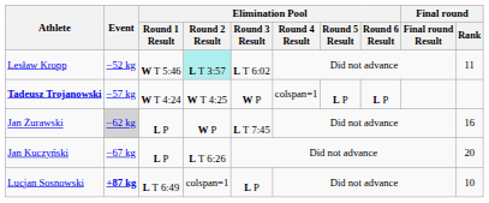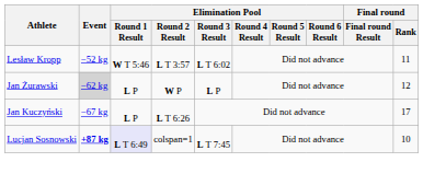 <table class="wikitable" style="font-size:90%">
 <tr>
 <th rowspan="2">Athlete</th>
 <th rowspan="2">Event</th>
 <th colspan=6>Elimination Pool</th>
 <th colspan=2>Final round</th>
 </tr>
 <tr style="font-size: 95%">
 <th>Round 1<br>Result</th>
 <th>Round 2<br>Result</th>
 <th>Round 3<br>Result</th>
 <th>Round 4<br>Result</th>
 <th>Round 5<br>Result</th>
 <th>Round 6<br>Result</th>
 <th>Final round<br>Result</th>
 <th>Rank</th>
 </tr>
 <tr align=center>
 <td align=left><a href='#'>Lesław Kropp</a></td>
 <td align=left><a href='#'>−52 kg</a></td>
 <td><br><strong>W</strong> T 5:46</td>
-<td style="background: paleturquoise;"><br><strong>L</strong> T 3:57</td>
+<td><br><strong>L</strong> T 3:57</td>
 <td><br><strong>L</strong> T 6:02</td>
 <td colspan=4>Did not advance</td>
 <td>11</td>
-</tr>
-<tr align=center>
-<td align=left><strong><a href='#'>Tadeusz Trojanowski</a></strong></td>
-<td align=left><a href='#'>−57 kg</a></td>
-<td><br><strong>W</strong> T 4:24</td>
-<td><br><strong>W</strong> T 4:25</td>
-<td><br><strong>W</strong> P</td>
-<td>colspan=1 </td>
-<td><br><strong>L</strong> P</td>
-<td><br><strong>L</strong> P</td>
-<td></td>
-<td></td>
 </tr>
 <tr align=center>
 <td align=left><a href='#'>Jan Żurawski</a></td>
 <td align=left style="background: lightgrey;"><a href='#'>−62 kg</a></td>
 <td><br><strong>L</strong> P</td>
 <td><br><strong>W</strong> P</td>
-<td><br><strong>L</strong> T 7:45</td>
+<td><br><strong>L</strong> P</td>
 <td colspan=4>Did not advance</td>
-<td>16</td>
+<td>12</td>
 </tr>
 <tr align=center>
 <td align=left><a href='#'>Jan Kuczyński</a></td>
 <td align=left><a href='#'>−67 kg</a></td>
 <td><br><strong>L</strong> P</td>
 <td><br><strong>L</strong> T 6:26</td>
 <td colspan=5>Did not advance</td>
-<td>20</td>
+<td>17</td>
 </tr>
 <tr align=center>
 <td align=left><a href='#'>Lucjan Sosnowski</a></td>
 <td align=left><strong><a href='#'>+87 kg</a></strong></td>
-<td><br><strong>L</strong> T 6:49</td>
+<td style="background: lavender;"><br><strong>L</strong> T 6:49</td>
 <td>colspan=1 </td>
-<td><br><strong>L</strong> P</td>
+<td><br><strong>L</strong> T 7:45</td>
 <td colspan=4>Did not advance</td>
 <td>10</td>
 </tr>
 </table>
